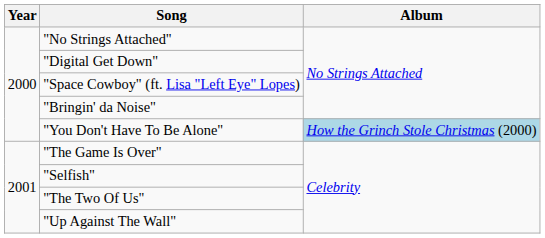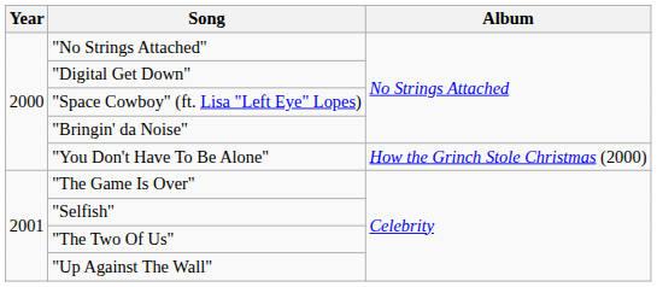 <table class="wikitable">
 <tr>
 <th>Year</th>
 <th>Song</th>
 <th>Album</th>
 </tr>
 <tr>
 <td rowspan="5">2000</td>
 <td>"No Strings Attached"</td>
 <td rowspan="4"><em><a href='#'>No Strings Attached</a></em></td>
 </tr>
 <tr>
 <td>"Digital Get Down"</td>
 </tr>
 <tr>
 <td>"Space Cowboy" (ft. <a href='#'>Lisa "Left Eye" Lopes</a>)</td>
 </tr>
 <tr>
 <td>"Bringin' da Noise"</td>
 </tr>
 <tr>
 <td>"You Don't Have To Be Alone"</td>
-<td style="background: lightblue;"><em><a href='#'>How the Grinch Stole Christmas</a></em> (2000)</td>
+<td><em><a href='#'>How the Grinch Stole Christmas</a></em> (2000)</td>
 </tr>
 <tr>
 <td rowspan="4">2001</td>
 <td>"The Game Is Over"</td>
 <td rowspan="4"><em><a href='#'>Celebrity</a></em></td>
 </tr>
 <tr>
 <td>"Selfish"</td>
 </tr>
 <tr>
 <td>"The Two Of Us"</td>
 </tr>
 <tr>
 <td>"Up Against The Wall"</td>
 </tr>
 </table>
